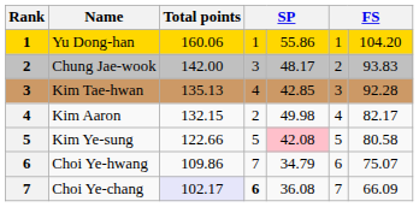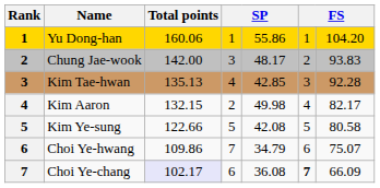 <table class="wikitable sortable">
 <tr>
 <th>Rank</th>
 <th>Name</th>
 <th>Total points</th>
 <th colspan="2" width="80px"><a href='#'>SP</a></th>
 <th colspan="2" width="80px"><a href='#'>FS</a></th>
 </tr>
 <tr bgcolor="gold">
 <td align="center"><strong>1</strong></td>
 <td>Yu Dong-han</td>
 <td align="center">160.06</td>
 <td align="center">1</td>
 <td align="center">55.86</td>
 <td align="center">1</td>
 <td align="center">104.20</td>
 </tr>
 <tr bgcolor="silver">
 <td align="center"><strong>2</strong></td>
 <td>Chung Jae-wook</td>
 <td align="center">142.00</td>
 <td align="center">3</td>
 <td align="center">48.17</td>
 <td align="center">2</td>
 <td align="center">93.83</td>
 </tr>
 <tr bgcolor="cc9966">
 <td align="center"><strong>3</strong></td>
 <td>Kim Tae-hwan</td>
 <td align="center">135.13</td>
 <td align="center">4</td>
 <td align="center">42.85</td>
 <td align="center">3</td>
 <td align="center">92.28</td>
 </tr>
 <tr>
 <th>4</th>
 <td>Kim Aaron</td>
 <td align="center">132.15</td>
 <td align="center">2</td>
 <td align="center">49.98</td>
 <td align="center">4</td>
 <td align="center">82.17</td>
 </tr>
 <tr>
 <th>5</th>
 <td>Kim Ye-sung</td>
 <td align="center">122.66</td>
 <td align="center">5</td>
-<td align="center" style="background: pink;">42.08</td>
+<td align="center">42.08</td>
 <td align="center">5</td>
 <td align="center">80.58</td>
 </tr>
 <tr>
 <th>6</th>
 <td>Choi Ye-hwang</td>
 <td align="center">109.86</td>
 <td align="center">7</td>
 <td align="center">34.79</td>
 <td align="center">6</td>
 <td align="center">75.07</td>
 </tr>
 <tr>
 <th>7</th>
 <td>Choi Ye-chang</td>
 <td align="center" style="background: lavender;">102.17</td>
-<td align="center"><strong>6</strong></td>
+<td align="center">6</td>
 <td align="center">36.08</td>
-<td align="center">7</td>
+<td align="center"><strong>7</strong></td>
 <td align="center">66.09</td>
 </tr>
 </table>
